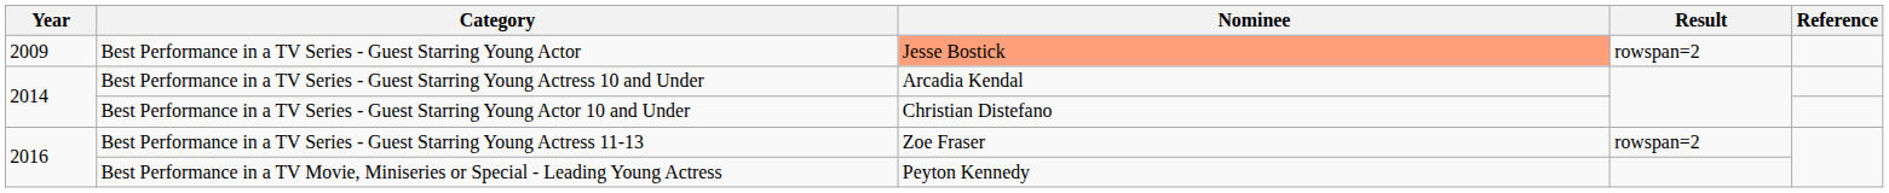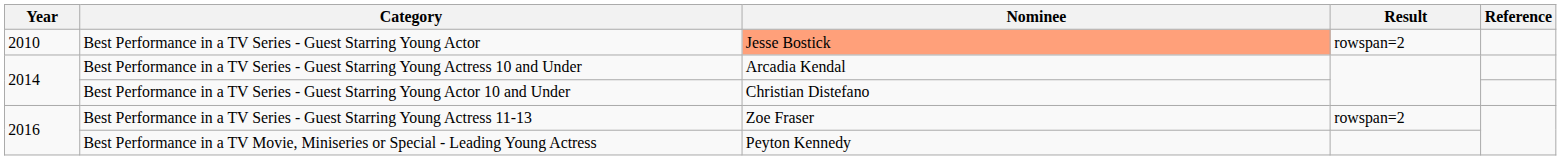 <table class="wikitable">
 <tr>
 <th width=5%>Year</th>
 <th width=45%>Category</th>
 <th width=40%>Nominee</th>
 <th width=10%>Result</th>
 <th width=5%>Reference</th>
 </tr>
 <tr>
-<td>2009</td>
+<td>2010</td>
 <td>Best Performance in a TV Series - Guest Starring Young Actor</td>
 <td style="background: lightsalmon;">Jesse Bostick</td>
 <td>rowspan=2 </td>
 <td></td>
 </tr>
 <tr>
 <td rowspan=2>2014</td>
 <td>Best Performance in a TV Series - Guest Starring Young Actress 10 and Under</td>
 <td>Arcadia Kendal</td>
 <td rowspan=2></td>
 </tr>
 <tr>
 <td>Best Performance in a TV Series - Guest Starring Young Actor 10 and Under</td>
 <td>Christian Distefano</td>
 <td></td>
 </tr>
 <tr>
 <td rowspan=2>2016</td>
 <td>Best Performance in a TV Series - Guest Starring Young Actress 11-13</td>
 <td>Zoe Fraser</td>
 <td>rowspan=2 </td>
 <td rowspan="2"></td>
 </tr>
 <tr>
 <td>Best Performance in a TV Movie, Miniseries or Special - Leading Young Actress</td>
 <td>Peyton Kennedy</td>
 </tr>
 </table>
